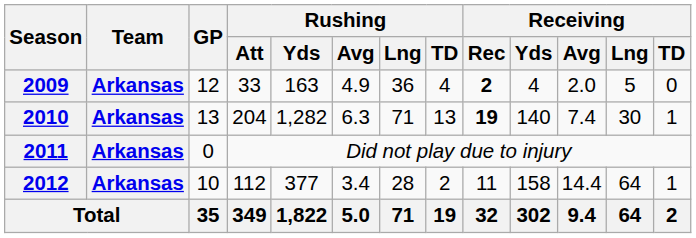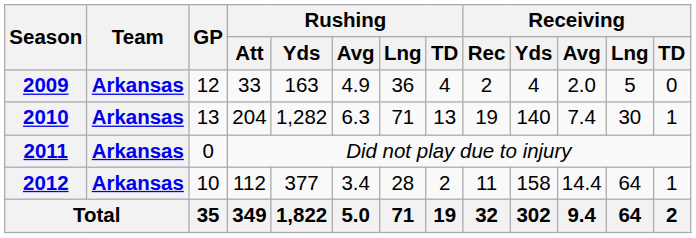 <table class="wikitable" style="text-align: center;">
 <tr>
 <th rowspan="2">Season</th>
 <th rowspan="2">Team</th>
 <th rowspan="2">GP</th>
 <th colspan="5">Rushing</th>
 <th colspan="5">Receiving</th>
 </tr>
 <tr>
 <th>Att</th>
 <th>Yds</th>
 <th>Avg</th>
 <th>Lng</th>
 <th>TD</th>
 <th>Rec</th>
 <th>Yds</th>
 <th>Avg</th>
 <th>Lng</th>
 <th>TD</th>
 </tr>
 <tr>
 <th><a href='#'>2009</a></th>
 <th><a href='#'>Arkansas</a></th>
 <td>12</td>
 <td>33</td>
 <td>163</td>
 <td>4.9</td>
 <td>36</td>
 <td>4</td>
-<td><strong>2</strong></td>
+<td>2</td>
 <td>4</td>
 <td>2.0</td>
 <td>5</td>
 <td>0</td>
 </tr>
 <tr>
 <th><a href='#'>2010</a></th>
 <th><a href='#'>Arkansas</a></th>
 <td>13</td>
 <td>204</td>
 <td>1,282</td>
 <td>6.3</td>
 <td>71</td>
 <td>13</td>
-<td><strong>19</strong></td>
+<td>19</td>
 <td>140</td>
 <td>7.4</td>
 <td>30</td>
 <td>1</td>
 </tr>
 <tr>
 <th><a href='#'>2011</a></th>
 <th><a href='#'>Arkansas</a></th>
 <td>0</td>
 <td colspan="10"><em>Did not play due to injury</em></td>
 </tr>
 <tr>
 <th><a href='#'>2012</a></th>
 <th><a href='#'>Arkansas</a></th>
 <td>10</td>
 <td>112</td>
 <td>377</td>
 <td>3.4</td>
 <td>28</td>
 <td>2</td>
 <td>11</td>
 <td>158</td>
 <td>14.4</td>
 <td>64</td>
 <td>1</td>
 </tr>
 <tr>
 <th colspan="2">Total</th>
 <th>35</th>
 <th>349</th>
 <th>1,822</th>
 <th>5.0</th>
 <th>71</th>
 <th>19</th>
 <th>32</th>
 <th>302</th>
 <th>9.4</th>
 <th>64</th>
 <th>2</th>
 </tr>
 </table>
